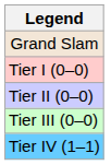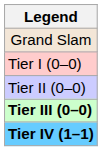 <table class="wikitable" style=font-size:92%>
 <tr>
 <th>Legend</th>
 </tr>
 <tr>
 <td align=center colspan=2 style="background:#f3e6d7;">Grand Slam</td>
 </tr>
 <tr>
 <td style="background:#fcc;">Tier I (0–0)</td>
 </tr>
 <tr>
 <td style="background:#ccf;">Tier II (0–0)</td>
 </tr>
 <tr>
-<td style="background:#cfc;">Tier III (0–0)</td>
+<td style="background:#cfc;"><strong>Tier III (0–0)</strong></td>
 </tr>
 <tr>
-<td style="background:#6cf;">Tier IV (1–1)</td>
+<td style="background:#6cf;"><strong>Tier IV (1–1)</strong></td>
 </tr>
 </table>
